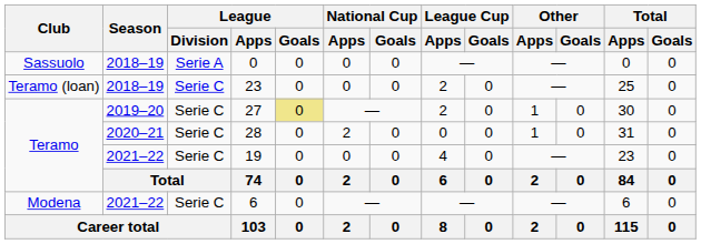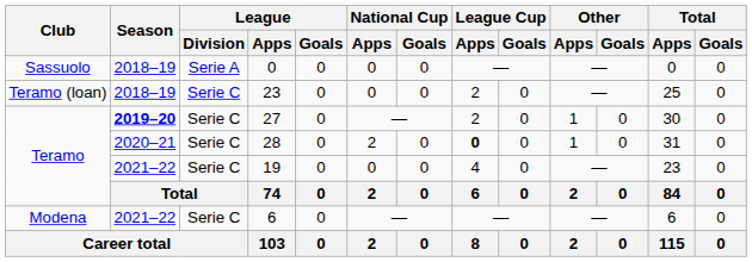 <table class="wikitable" style="text-align:center">
 <tr>
 <th rowspan="2">Club</th>
 <th rowspan="2">Season</th>
 <th colspan="3">League</th>
 <th colspan="2">National Cup</th>
 <th colspan="2">League Cup</th>
 <th colspan="2">Other</th>
 <th colspan="2">Total</th>
 </tr>
 <tr>
 <th>Division</th>
 <th>Apps</th>
 <th>Goals</th>
 <th>Apps</th>
 <th>Goals</th>
 <th>Apps</th>
 <th>Goals</th>
 <th>Apps</th>
 <th>Goals</th>
 <th>Apps</th>
 <th>Goals</th>
 </tr>
 <tr>
 <td><a href='#'>Sassuolo</a></td>
 <td><a href='#'>2018–19</a></td>
 <td><a href='#'>Serie A</a></td>
 <td>0</td>
 <td>0</td>
 <td>0</td>
 <td>0</td>
 <td colspan="2">—</td>
 <td colspan="2">—</td>
 <td>0</td>
 <td>0</td>
 </tr>
 <tr>
 <td><a href='#'>Teramo</a> (loan)</td>
 <td><a href='#'>2018–19</a></td>
 <td><a href='#'>Serie C</a></td>
 <td>23</td>
 <td>0</td>
 <td>0</td>
 <td>0</td>
 <td>2</td>
 <td>0</td>
 <td colspan="2">—</td>
 <td>25</td>
 <td>0</td>
 </tr>
 <tr>
 <td rowspan="4"><a href='#'>Teramo</a></td>
-<td><a href='#'>2019–20</a></td>
+<td><strong><a href='#'>2019–20</a></strong></td>
 <td>Serie C</td>
 <td>27</td>
-<td style="background: khaki;">0</td>
+<td>0</td>
 <td colspan="2">—</td>
 <td>2</td>
 <td>0</td>
 <td>1</td>
 <td>0</td>
 <td>30</td>
 <td>0</td>
 </tr>
 <tr>
 <td><a href='#'>2020–21</a></td>
 <td>Serie C</td>
 <td>28</td>
 <td>0</td>
 <td>2</td>
 <td>0</td>
-<td>0</td>
+<td><strong>0</strong></td>
 <td>0</td>
 <td>1</td>
 <td>0</td>
 <td>31</td>
 <td>0</td>
 </tr>
 <tr>
 <td><a href='#'>2021–22</a></td>
 <td>Serie C</td>
 <td>19</td>
 <td>0</td>
 <td>0</td>
 <td>0</td>
 <td>4</td>
 <td>0</td>
 <td colspan="2">—</td>
 <td>23</td>
 <td>0</td>
 </tr>
 <tr>
 <th colspan="2">Total</th>
 <th>74</th>
 <th>0</th>
 <th>2</th>
 <th>0</th>
 <th>6</th>
 <th>0</th>
 <th>2</th>
 <th>0</th>
 <th>84</th>
 <th>0</th>
 </tr>
 <tr>
 <td><a href='#'>Modena</a></td>
 <td><a href='#'>2021–22</a></td>
 <td>Serie C</td>
 <td>6</td>
 <td>0</td>
 <td colspan="2">—</td>
 <td colspan="2">—</td>
 <td colspan="2">—</td>
 <td>6</td>
 <td>0</td>
 </tr>
 <tr>
 <th colspan="3">Career total</th>
 <th>103</th>
 <th>0</th>
 <th>2</th>
 <th>0</th>
 <th>8</th>
 <th>0</th>
 <th>2</th>
 <th>0</th>
 <th>115</th>
 <th>0</th>
 </tr>
 </table>
